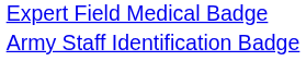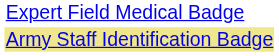 <table>
 <tr>
 <td> <a href='#'>Expert Field Medical Badge</a></td>
 </tr>
 <tr>
-<td> <a href='#'>Army Staff Identification Badge</a></td>
+<td style="background: khaki;"> <a href='#'>Army Staff Identification Badge</a></td>
 </tr>
 </table>
